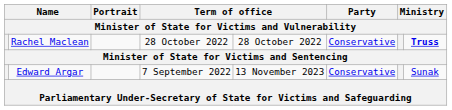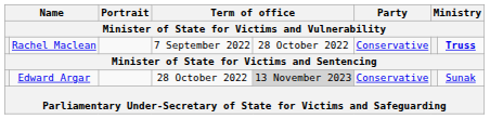 <table class="wikitable" style="text-align:center">
 <tr>
 <th colspan=2>Name</th>
 <th>Portrait</th>
 <th colspan=2>Term of office</th>
 <th>Party</th>
 <th colspan=2>Ministry</th>
 </tr>
 <tr>
 <th colspan="8"><strong>Minister of State for Victims and Vulnerability</strong></th>
 </tr>
 <tr>
 <th style="background-color: "></th>
 <td><a href='#'>Rachel Maclean</a></td>
 <td></td>
-<td>28 October 2022</td>
+<td>7 September 2022</td>
 <td>28 October 2022</td>
 <td><a href='#'>Conservative</a></td>
 <th style="background-color: "></th>
 <td><strong><a href='#'>Truss</a></strong></td>
 </tr>
 <tr>
 <th colspan="8"><strong>Minister of State for Victims and Sentencing</strong></th>
 </tr>
 <tr>
 <th style="background-color: "></th>
 <td><a href='#'>Edward Argar</a></td>
 <td></td>
-<td>7 September 2022</td>
-<td>13 November 2023</td>
+<td>28 October 2022</td>
+<td style="background: lightgrey;">13 November 2023</td>
 <td><a href='#'>Conservative</a></td>
 <th style="background-color: "></th>
 <td><a href='#'>Sunak</a></td>
 </tr>
 <tr>
 <th colspan="8"><br><strong>Parliamentary Under-Secretary of State for Victims and Safeguarding</strong></th>
 </tr>
 </table>
